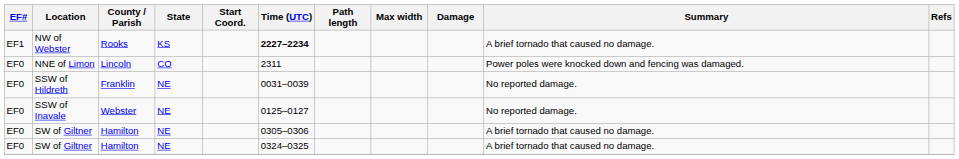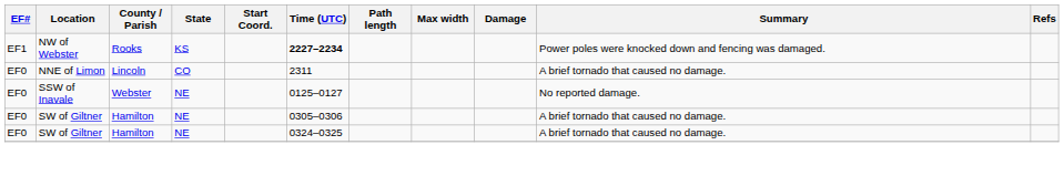 <table class="wikitable sortable" style="width:100%;">
 <tr>
 <th scope="col" width="3%" align="center"><a href='#'>EF#</a></th>
 <th scope="col" width="7%" align="center" class="unsortable">Location</th>
 <th scope="col" width="6%" align="center" class="unsortable">County / Parish</th>
 <th scope="col" width="5%" align="center">State</th>
 <th scope="col" width="6%" align="center">Start Coord.</th>
 <th scope="col" width="6%" align="center">Time (<a href='#'>UTC</a>)</th>
 <th scope="col" width="6%" align="center">Path length</th>
 <th scope="col" width="6%" align="center">Max width</th>
 <th scope="col" width="6%" align="center">Damage</th>
 <th scope="col" width="48%" class="unsortable" align="center">Summary</th>
 <th scope="col" width="48%" class="unsortable" align="center">Refs</th>
 </tr>
 <tr>
 <td>EF1</td>
 <td>NW of <a href='#'>Webster</a></td>
 <td><a href='#'>Rooks</a></td>
 <td><a href='#'>KS</a></td>
 <td></td>
 <td><strong>2227–2234</strong></td>
 <td></td>
 <td></td>
 <td></td>
-<td>A brief tornado that caused no damage.</td>
+<td>Power poles were knocked down and fencing was damaged.</td>
 <td></td>
 </tr>
 <tr>
 <td>EF0</td>
 <td>NNE of <a href='#'>Limon</a></td>
 <td><a href='#'>Lincoln</a></td>
 <td><a href='#'>CO</a></td>
 <td></td>
 <td>2311</td>
 <td></td>
 <td></td>
 <td></td>
-<td>Power poles were knocked down and fencing was damaged.</td>
-<td></td>
-</tr>
-<tr>
-<td>EF0</td>
-<td>SSW of <a href='#'>Hildreth</a></td>
-<td><a href='#'>Franklin</a></td>
-<td><a href='#'>NE</a></td>
-<td></td>
-<td>0031–0039</td>
-<td></td>
-<td></td>
-<td></td>
-<td>No reported damage.</td>
+<td>A brief tornado that caused no damage.</td>
 <td></td>
 </tr>
 <tr>
 <td>EF0</td>
 <td>SSW of <a href='#'>Inavale</a></td>
 <td><a href='#'>Webster</a></td>
 <td><a href='#'>NE</a></td>
 <td></td>
 <td>0125–0127</td>
 <td></td>
 <td></td>
 <td></td>
 <td>No reported damage.</td>
 <td></td>
 </tr>
 <tr>
 <td>EF0</td>
 <td>SW of <a href='#'>Giltner</a></td>
 <td><a href='#'>Hamilton</a></td>
 <td><a href='#'>NE</a></td>
 <td></td>
 <td>0305–0306</td>
 <td></td>
 <td></td>
 <td></td>
 <td>A brief tornado that caused no damage.</td>
 <td></td>
 </tr>
 <tr>
 <td>EF0</td>
 <td>SW of <a href='#'>Giltner</a></td>
 <td><a href='#'>Hamilton</a></td>
 <td><a href='#'>NE</a></td>
 <td></td>
 <td>0324–0325</td>
 <td></td>
 <td></td>
 <td></td>
 <td>A brief tornado that caused no damage.</td>
 <td></td>
 </tr>
 <tr>
 </tr>
 </table>
